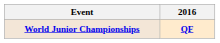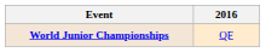 <table style='font-size: 90%; text-align:center;' class='wikitable'>
 <tr>
 <th>Event</th>
 <th>2016</th>
 </tr>
 <tr style="height: 30px;">
 <td bgcolor=F3E6D7 style="width: 240px;align=left"><strong><a href='#'>World Junior Championships</a></strong></td>
-<td bgcolor=FFEBCD style="width: 80px"><strong><a href='#'>QF</a></strong></td>
+<td bgcolor=FFEBCD style="width: 80px"><a href='#'>QF</a></td>
 </tr>
 </table>
